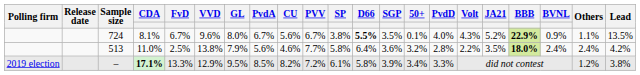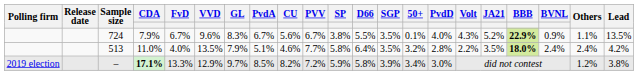 <table class="wikitable sortable tpl-blanktable" style="text-align:center;font-size:90%;line-height:14px;">
 <tr>
 <th rowspan="2">Polling firm</th>
 <th rowspan="2">Release<br>date</th>
 <th rowspan="2">Sample<br>size</th>
 <th class="unsortable" style="width:30px;"><a href='#'>CDA</a></th>
 <th class="unsortable" style="width:30px;"><a href='#'>FvD</a></th>
 <th class="unsortable" style="width:30px;"><a href='#'>VVD</a></th>
 <th class="unsortable" style="width:30px;"><a href='#'>GL</a></th>
 <th class="unsortable" style="width:30px;"><a href='#'>PvdA</a></th>
 <th class="unsortable" style="width:30px;"><a href='#'>CU</a></th>
 <th class="unsortable" style="width:30px;"><a href='#'>PVV</a></th>
 <th class="unsortable" style="width:30px;"><a href='#'>SP</a></th>
 <th class="unsortable" style="width:30px;"><a href='#'>D66</a></th>
 <th class="unsortable" style="width:30px;"><a href='#'>SGP</a></th>
 <th class="unsortable" style="width:30px;"><a href='#'>50+</a></th>
 <th class="unsortable" style="width:30px;"><a href='#'>PvdD</a></th>
 <th class="unsortable" style="width:30px;"><a href='#'>Volt</a></th>
 <th class="unsortable" style="width:30px;"><a href='#'>JA21</a></th>
 <th class="unsortable" style="width:30px;"><a href='#'>BBB</a></th>
 <th class="unsortable" style="width:30px;"><a href='#'>BVNL</a></th>
 <th class="unsortable" style="width:30px;" rowspan="2">Others</th>
 <th rowspan="2">Lead</th>
 </tr>
 <tr>
 <th data-sort-type="number" style="background:"></th>
 <th data-sort-type="number" style="background:"></th>
 <th data-sort-type="number" style="background:"></th>
 <th data-sort-type="number" style="background:"></th>
 <th data-sort-type="number" style="background:"></th>
 <th data-sort-type="number" style="background:"></th>
 <th data-sort-type="number" style="background:"></th>
 <th data-sort-type="number" style="background:"></th>
 <th data-sort-type="number" style="background:"></th>
 <th data-sort-type="number" style="background:"></th>
 <th data-sort-type="number" style="background:"></th>
 <th data-sort-type="number" style="background:"></th>
 <th data-sort-type="number" style="background:"></th>
 <th data-sort-type="number" style="background:"></th>
 <th data-sort-type="number" style="background:"></th>
 <th data-sort-type="number" style="background:"></th>
 </tr>
 <tr>
 <td></td>
 <td></td>
 <td>724</td>
-<td>8.1%</td>
+<td>7.9%</td>
 <td>6.7%</td>
 <td>9.6%</td>
-<td>8.0%</td>
+<td>8.3%</td>
 <td>6.7%</td>
 <td>5.6%</td>
 <td>6.7%</td>
 <td>3.8%</td>
-<td><strong>5.5%</strong></td>
+<td>5.5%</td>
 <td>3.5%</td>
 <td>0.1%</td>
 <td>4.0%</td>
 <td>4.3%</td>
 <td>5.2%</td>
 <td style="background:#d3ea9e;"><strong>22.9%</strong></td>
 <td>0.9%</td>
 <td>1.1%</td>
 <td style="background:">13.5%</td>
 </tr>
 <tr>
 <td></td>
 <td></td>
 <td>513</td>
 <td>11.0%</td>
-<td>2.5%</td>
-<td>13.8%</td>
+<td>4.0%</td>
+<td>13.5%</td>
 <td>7.9%</td>
-<td>5.6%</td>
+<td>5.1%</td>
 <td>4.6%</td>
 <td>7.7%</td>
 <td>5.8%</td>
 <td>6.4%</td>
-<td>3.6%</td>
+<td>3.5%</td>
 <td>3.2%</td>
 <td>2.8%</td>
 <td>2.2%</td>
 <td>3.5%</td>
 <td style="background:#d3ea9e;"><strong>18.0%</strong></td>
 <td>2.4%</td>
 <td>2.4%</td>
 <td style="background:">4.2%</td>
 </tr>
 <tr style="background:#E9E9E9;">
 <td><a href='#'>2019 election</a></td>
 <td></td>
 <td>–</td>
 <td style="background:#D3F2D0;"><strong>17.1%</strong></td>
 <td>13.3%</td>
 <td>12.9%</td>
-<td>9.5%</td>
+<td>9.7%</td>
 <td>8.5%</td>
 <td>8.2%</td>
 <td>7.2%</td>
-<td>6.1%</td>
+<td>5.9%</td>
 <td>5.8%</td>
 <td>3.9%</td>
 <td>3.4%</td>
-<td>3.3%</td>
+<td>3.0%</td>
 <td colspan=4><em>did not contest</em></td>
 <td>1.2%</td>
 <td style="background:">3.8%</td>
 </tr>
 </table>
